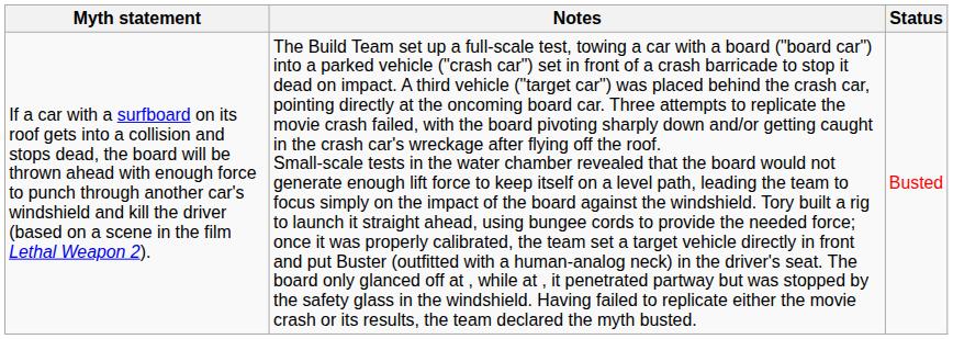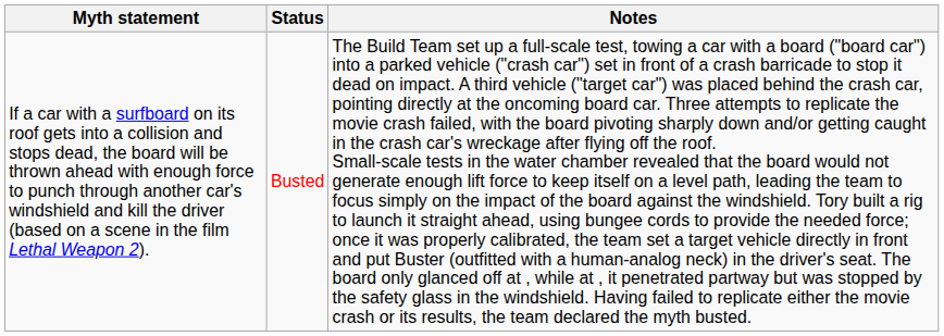 <table class="wikitable plainrowheaders">
 <tr>
 <th>Myth statement</th>
+<th>Status</th>
 <th>Notes</th>
-<th>Status</th>
 </tr>
 <tr>
 <td>If a car with a <a href='#'>surfboard</a> on its roof gets into a  collision and stops dead, the board will be thrown ahead with enough force to punch through another car's windshield and kill the driver (based on a scene in the film <em><a href='#'>Lethal Weapon 2</a></em>).</td>
+<td style="color:red">Busted</td>
 <td>The Build Team set up a full-scale test, towing a car with a board ("board car") into a parked vehicle ("crash car") set in front of a crash barricade to stop it dead on impact. A third vehicle ("target car") was placed  behind the crash car, pointing directly at the oncoming board car. Three attempts to replicate the movie crash failed, with the board pivoting sharply down and/or getting caught in the crash car's wreckage after flying off the roof.<br>Small-scale tests in the water chamber revealed that the board would not generate enough lift force to keep itself on a level path, leading the team to focus simply on the impact of the board against the windshield. Tory built a rig to launch it straight ahead, using bungee cords to provide the needed force; once it was properly calibrated, the team set a target vehicle directly in front and put Buster (outfitted with a human-analog neck) in the driver's seat. The board only glanced off at , while at , it penetrated partway but was stopped by the safety glass in the windshield. Having failed to replicate either the movie crash or its results, the team declared the myth busted.</td>
-<td style="color:red">Busted</td>
 </tr>
 </table>
